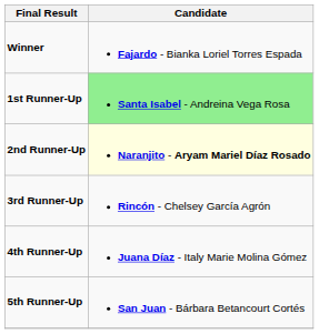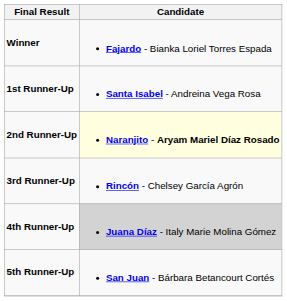 <table class="wikitable">
 <tr>
 <th>Final Result</th>
 <th>Candidate</th>
 </tr>
 <tr>
 <td><strong>Winner</strong></td>
 <td><br><ul><li><strong> <a href='#'>Fajardo</a></strong> - Bianka Loriel Torres Espada</li></ul></td>
 </tr>
 <tr>
 <td><strong>1st Runner-Up</strong></td>
-<td style="background: lightgreen;"><br><ul><li><strong> <a href='#'>Santa Isabel</a></strong> - Andreina Vega Rosa</li></ul></td>
+<td><br><ul><li><strong> <a href='#'>Santa Isabel</a></strong> - Andreina Vega Rosa</li></ul></td>
 </tr>
 <tr>
 <td><strong>2nd Runner-Up</strong></td>
 <td style="background: lightyellow;"><br><ul><li><strong> <a href='#'>Naranjito</a></strong> - <strong>Aryam Mariel Díaz Rosado</strong></li></ul></td>
 </tr>
 <tr>
 <td><strong>3rd Runner-Up</strong></td>
 <td><br><ul><li><strong> <a href='#'>Rincón</a></strong> - Chelsey García Agrón</li></ul></td>
 </tr>
 <tr>
 <td><strong>4th Runner-Up</strong></td>
-<td><br><ul><li><strong> <a href='#'>Juana Díaz</a></strong> - Italy Marie Molina Gómez</li></ul></td>
+<td style="background: lightgrey;"><br><ul><li><strong> <a href='#'>Juana Díaz</a></strong> - Italy Marie Molina Gómez</li></ul></td>
 </tr>
 <tr>
 <td><strong>5th Runner-Up</strong></td>
 <td><br><ul><li><strong> <a href='#'>San Juan</a></strong> - Bárbara Betancourt Cortés</li></ul></td>
 </tr>
 <tr>
 </tr>
 </table>
